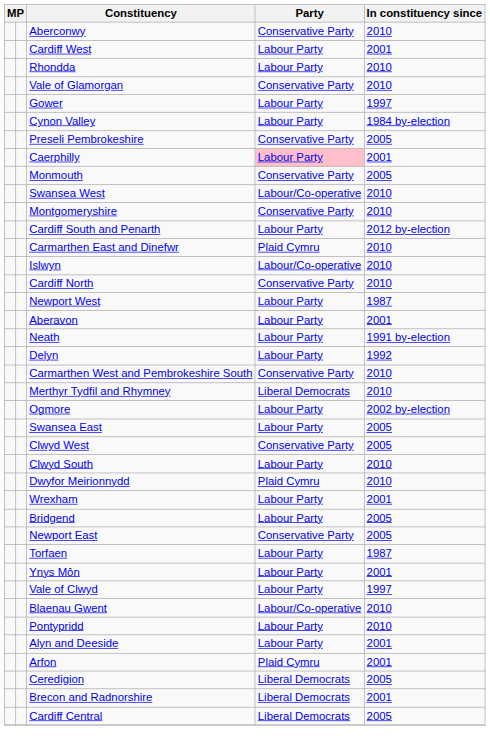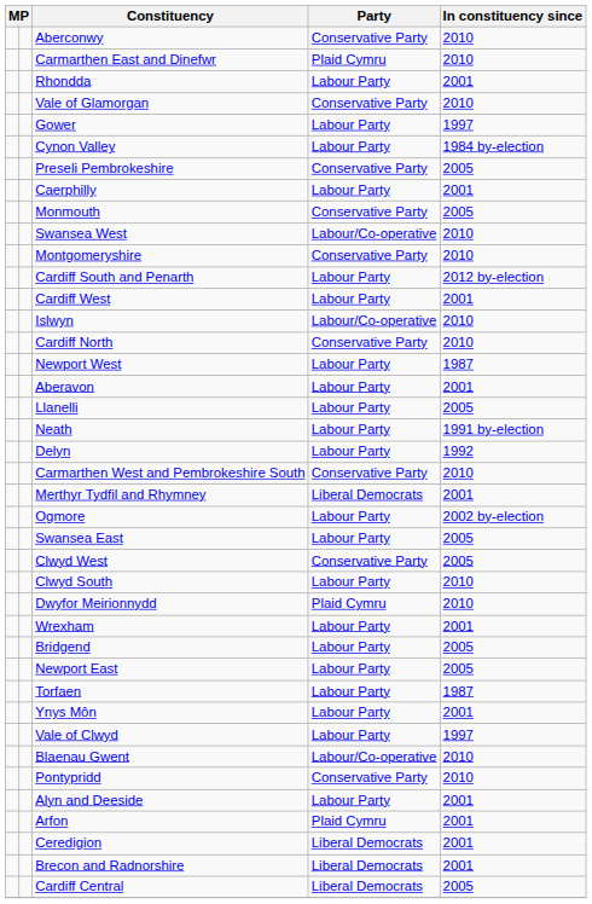 <table class="wikitable sortable">
 <tr>
 <th colspan=2>MP</th>
 <th>Constituency</th>
 <th>Party</th>
 <th>In constituency since</th>
 </tr>
 <tr>
 <td style="color:inherit;background-color: "></td>
 <td></td>
 <td><a href='#'>Aberconwy</a></td>
 <td><a href='#'>Conservative Party</a></td>
 <td><a href='#'>2010</a></td>
 </tr>
 <tr>
 <td style="color:inherit;background-color: "></td>
 <td></td>
-<td><a href='#'>Cardiff West</a></td>
-<td><a href='#'>Labour Party</a></td>
-<td><a href='#'>2001</a></td>
+<td><a href='#'>Carmarthen East and Dinefwr</a></td>
+<td><a href='#'>Plaid Cymru</a></td>
+<td><a href='#'>2010</a></td>
 </tr>
 <tr>
 <td style="color:inherit;background-color: "></td>
 <td></td>
 <td><a href='#'>Rhondda</a></td>
 <td><a href='#'>Labour Party</a></td>
-<td><a href='#'>2010</a></td>
+<td><a href='#'>2001</a></td>
 </tr>
 <tr>
 <td style="color:inherit;background-color: "></td>
 <td></td>
 <td><a href='#'>Vale of Glamorgan</a></td>
 <td><a href='#'>Conservative Party</a></td>
 <td><a href='#'>2010</a></td>
 </tr>
 <tr>
 <td style="color:inherit;background-color: "></td>
 <td></td>
 <td><a href='#'>Gower</a></td>
 <td><a href='#'>Labour Party</a></td>
 <td><a href='#'>1997</a></td>
 </tr>
 <tr>
 <td style="color:inherit;background-color: "></td>
 <td></td>
 <td><a href='#'>Cynon Valley</a></td>
 <td><a href='#'>Labour Party</a></td>
 <td><a href='#'>1984 by-election</a></td>
 </tr>
 <tr>
 <td style="color:inherit;background-color: "></td>
 <td></td>
 <td><a href='#'>Preseli Pembrokeshire</a></td>
 <td><a href='#'>Conservative Party</a></td>
 <td><a href='#'>2005</a></td>
 </tr>
 <tr>
 <td style="color:inherit;background-color: "></td>
 <td></td>
 <td><a href='#'>Caerphilly</a></td>
-<td style="background: pink;"><a href='#'>Labour Party</a></td>
+<td><a href='#'>Labour Party</a></td>
 <td><a href='#'>2001</a></td>
 </tr>
 <tr>
 <td style="color:inherit;background-color: "></td>
 <td></td>
 <td><a href='#'>Monmouth</a></td>
 <td><a href='#'>Conservative Party</a></td>
 <td><a href='#'>2005</a></td>
 </tr>
 <tr>
 <td style="color:inherit;background-color: "></td>
 <td></td>
 <td><a href='#'>Swansea West</a></td>
 <td><a href='#'>Labour/Co-operative</a></td>
 <td><a href='#'>2010</a></td>
 </tr>
 <tr>
 <td style="color:inherit;background-color: "></td>
 <td></td>
 <td><a href='#'>Montgomeryshire</a></td>
 <td><a href='#'>Conservative Party</a></td>
 <td><a href='#'>2010</a></td>
 </tr>
 <tr>
 <td style="color:inherit;background-color: "></td>
 <td></td>
 <td><a href='#'>Cardiff South and Penarth</a></td>
 <td><a href='#'>Labour Party</a></td>
 <td><a href='#'>2012 by-election</a></td>
 </tr>
 <tr>
 <td style="color:inherit;background-color: "></td>
 <td></td>
-<td><a href='#'>Carmarthen East and Dinefwr</a></td>
-<td><a href='#'>Plaid Cymru</a></td>
-<td><a href='#'>2010</a></td>
+<td><a href='#'>Cardiff West</a></td>
+<td><a href='#'>Labour Party</a></td>
+<td><a href='#'>2001</a></td>
 </tr>
 <tr>
 <td style="color:inherit;background-color: "></td>
 <td></td>
 <td><a href='#'>Islwyn</a></td>
 <td><a href='#'>Labour/Co-operative</a></td>
 <td><a href='#'>2010</a></td>
 </tr>
 <tr>
 <td style="color:inherit;background-color: "></td>
 <td></td>
 <td><a href='#'>Cardiff North</a></td>
 <td><a href='#'>Conservative Party</a></td>
 <td><a href='#'>2010</a></td>
 </tr>
 <tr>
 <td style="color:inherit;background-color: "></td>
 <td></td>
 <td><a href='#'>Newport West</a></td>
 <td><a href='#'>Labour Party</a></td>
 <td><a href='#'>1987</a></td>
 </tr>
 <tr>
 <td style="color:inherit;background-color: "></td>
 <td></td>
 <td><a href='#'>Aberavon</a></td>
 <td><a href='#'>Labour Party</a></td>
 <td><a href='#'>2001</a></td>
 </tr>
 <tr>
 <td style="color:inherit;background-color: "></td>
 <td></td>
+<td><a href='#'>Llanelli</a></td>
+<td><a href='#'>Labour Party</a></td>
+<td><a href='#'>2005</a></td>
+</tr>
+<tr>
+<td style="color:inherit;background-color: "></td>
+<td></td>
 <td><a href='#'>Neath</a></td>
 <td><a href='#'>Labour Party</a></td>
 <td><a href='#'>1991 by-election</a></td>
 </tr>
 <tr>
 <td style="color:inherit;background-color: "></td>
 <td></td>
 <td><a href='#'>Delyn</a></td>
 <td><a href='#'>Labour Party</a></td>
 <td><a href='#'>1992</a></td>
 </tr>
 <tr>
 <td style="color:inherit;background-color: "></td>
 <td></td>
 <td><a href='#'>Carmarthen West and Pembrokeshire South</a></td>
 <td><a href='#'>Conservative Party</a></td>
 <td><a href='#'>2010</a></td>
 </tr>
 <tr>
 <td style="color:inherit;background-color: "></td>
 <td></td>
 <td><a href='#'>Merthyr Tydfil and Rhymney</a></td>
 <td><a href='#'>Liberal Democrats</a></td>
-<td><a href='#'>2010</a></td>
+<td><a href='#'>2001</a></td>
 </tr>
 <tr>
 <td style="color:inherit;background-color: "></td>
 <td></td>
 <td><a href='#'>Ogmore</a></td>
 <td><a href='#'>Labour Party</a></td>
 <td><a href='#'>2002 by-election</a></td>
 </tr>
 <tr>
 <td style="color:inherit;background-color: "></td>
 <td></td>
 <td><a href='#'>Swansea East</a></td>
 <td><a href='#'>Labour Party</a></td>
 <td><a href='#'>2005</a></td>
 </tr>
 <tr>
 <td style="color:inherit;background-color: "></td>
 <td></td>
 <td><a href='#'>Clwyd West</a></td>
 <td><a href='#'>Conservative Party</a></td>
 <td><a href='#'>2005</a></td>
 </tr>
 <tr>
 <td style="color:inherit;background-color: "></td>
 <td></td>
 <td><a href='#'>Clwyd South</a></td>
 <td><a href='#'>Labour Party</a></td>
 <td><a href='#'>2010</a></td>
 </tr>
 <tr>
 <td style="color:inherit;background-color: "></td>
 <td></td>
 <td><a href='#'>Dwyfor Meirionnydd</a></td>
 <td><a href='#'>Plaid Cymru</a></td>
 <td><a href='#'>2010</a></td>
 </tr>
 <tr>
 <td style="color:inherit;background-color: "></td>
 <td></td>
 <td><a href='#'>Wrexham</a></td>
 <td><a href='#'>Labour Party</a></td>
 <td><a href='#'>2001</a></td>
 </tr>
 <tr>
 <td style="color:inherit;background-color: "></td>
 <td></td>
 <td><a href='#'>Bridgend</a></td>
 <td><a href='#'>Labour Party</a></td>
 <td><a href='#'>2005</a></td>
 </tr>
 <tr>
 <td style="color:inherit;background-color: "></td>
 <td></td>
 <td><a href='#'>Newport East</a></td>
-<td><a href='#'>Conservative Party</a></td>
+<td><a href='#'>Labour Party</a></td>
 <td><a href='#'>2005</a></td>
 </tr>
 <tr>
 <td style="color:inherit;background-color: "></td>
 <td></td>
 <td><a href='#'>Torfaen</a></td>
 <td><a href='#'>Labour Party</a></td>
 <td><a href='#'>1987</a></td>
 </tr>
 <tr>
 <td style="color:inherit;background-color: "></td>
 <td></td>
 <td><a href='#'>Ynys Môn</a></td>
 <td><a href='#'>Labour Party</a></td>
 <td><a href='#'>2001</a></td>
 </tr>
 <tr>
 <td style="color:inherit;background-color: "></td>
 <td></td>
 <td><a href='#'>Vale of Clwyd</a></td>
 <td><a href='#'>Labour Party</a></td>
 <td><a href='#'>1997</a></td>
 </tr>
 <tr>
 <td style="color:inherit;background-color: "></td>
 <td></td>
 <td><a href='#'>Blaenau Gwent</a></td>
 <td><a href='#'>Labour/Co-operative</a></td>
 <td><a href='#'>2010</a></td>
 </tr>
 <tr>
 <td style="color:inherit;background-color: "></td>
 <td></td>
 <td><a href='#'>Pontypridd</a></td>
-<td><a href='#'>Labour Party</a></td>
+<td><a href='#'>Conservative Party</a></td>
 <td><a href='#'>2010</a></td>
 </tr>
 <tr>
 <td style="color:inherit;background-color: "></td>
 <td></td>
 <td><a href='#'>Alyn and Deeside</a></td>
 <td><a href='#'>Labour Party</a></td>
 <td><a href='#'>2001</a></td>
 </tr>
 <tr>
 <td style="color:inherit;background-color: "></td>
 <td></td>
 <td><a href='#'>Arfon</a></td>
 <td><a href='#'>Plaid Cymru</a></td>
 <td><a href='#'>2001</a></td>
 </tr>
 <tr>
 <td style="color:inherit;background-color: "></td>
 <td></td>
 <td><a href='#'>Ceredigion</a></td>
 <td><a href='#'>Liberal Democrats</a></td>
-<td><a href='#'>2005</a></td>
+<td><a href='#'>2001</a></td>
 </tr>
 <tr>
 <td style="color:inherit;background-color: "></td>
 <td></td>
 <td><a href='#'>Brecon and Radnorshire</a></td>
 <td><a href='#'>Liberal Democrats</a></td>
 <td><a href='#'>2001</a></td>
 </tr>
 <tr>
 <td style="color:inherit;background-color: "></td>
 <td></td>
 <td><a href='#'>Cardiff Central</a></td>
 <td><a href='#'>Liberal Democrats</a></td>
 <td><a href='#'>2005</a></td>
 </tr>
 <tr>
 </tr>
 </table>
